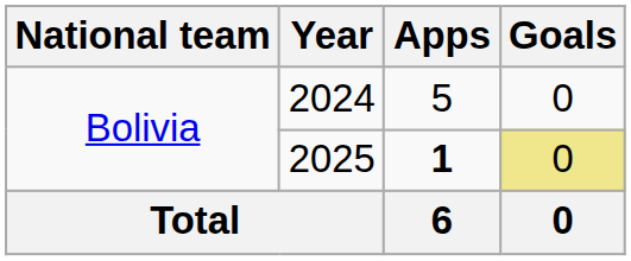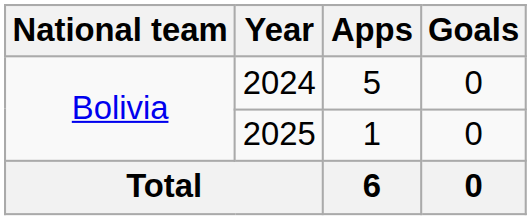 <table class="wikitable" style="text-align:center">
 <tr>
 <th>National team</th>
 <th>Year</th>
 <th>Apps</th>
 <th>Goals</th>
 </tr>
 <tr>
 <td rowspan="2"><a href='#'>Bolivia</a></td>
 <td>2024</td>
 <td>5</td>
 <td>0</td>
 </tr>
 <tr>
 <td>2025</td>
-<td><strong>1</strong></td>
-<td style="background: khaki;">0</td>
+<td>1</td>
+<td>0</td>
 </tr>
 <tr>
 <th colspan="2">Total</th>
 <th>6</th>
 <th>0</th>
 </tr>
 </table>
